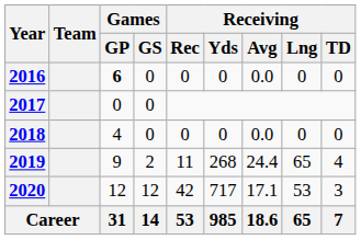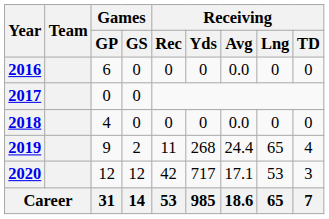 <table class="wikitable" style="text-align:center;">
 <tr>
 <th rowspan="2">Year</th>
 <th rowspan="2">Team</th>
 <th colspan="2">Games</th>
 <th colspan="5">Receiving</th>
 </tr>
 <tr>
 <th>GP</th>
 <th>GS</th>
 <th>Rec</th>
 <th>Yds</th>
 <th>Avg</th>
 <th>Lng</th>
 <th>TD</th>
 </tr>
 <tr>
 <th><a href='#'>2016</a></th>
 <th><a href='#'></a></th>
-<td><strong>6</strong></td>
+<td>6</td>
 <td>0</td>
 <td>0</td>
 <td>0</td>
 <td>0.0</td>
 <td>0</td>
 <td>0</td>
 </tr>
 <tr>
 <th><a href='#'>2017</a></th>
 <th><a href='#'></a></th>
 <td>0</td>
 <td>0</td>
 <td colspan="5"></td>
 </tr>
 <tr>
 <th><a href='#'>2018</a></th>
 <th><a href='#'></a></th>
 <td>4</td>
 <td>0</td>
 <td>0</td>
 <td>0</td>
 <td>0.0</td>
 <td>0</td>
 <td>0</td>
 </tr>
 <tr>
 <th><a href='#'>2019</a></th>
 <th><a href='#'></a></th>
 <td>9</td>
 <td>2</td>
 <td>11</td>
 <td>268</td>
 <td>24.4</td>
 <td>65</td>
 <td>4</td>
 </tr>
 <tr>
 <th><a href='#'>2020</a></th>
 <th><a href='#'></a></th>
 <td>12</td>
 <td>12</td>
 <td>42</td>
 <td>717</td>
 <td>17.1</td>
 <td>53</td>
 <td>3</td>
 </tr>
 <tr>
 <th align=center colspan="2">Career</th>
 <th>31</th>
 <th>14</th>
 <th>53</th>
 <th>985</th>
 <th>18.6</th>
 <th>65</th>
 <th>7</th>
 </tr>
 </table>
